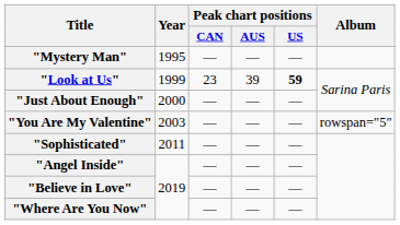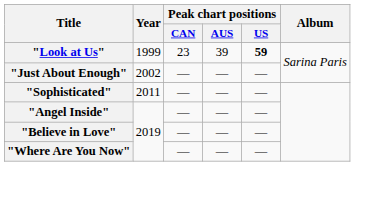 <table class="wikitable plainrowheaders" style="text-align:center;">
 <tr>
 <th scope="col" rowspan="2">Title</th>
 <th scope="col" rowspan="2">Year</th>
 <th scope="col" colspan="3">Peak chart positions</th>
 <th scope="col" rowspan="2">Album</th>
 </tr>
 <tr>
 <th scope="col" style="width:3em;font-size:90%;"><a href='#'>CAN</a><br></th>
 <th scope="col" style="width:3em;font-size:90%;"><a href='#'>AUS</a><br></th>
 <th scope="col" style="width:3em;font-size:90%;"><a href='#'>US</a><br></th>
 </tr>
 <tr>
-<th scope="row">"Mystery Man"</th>
-<td>1995</td>
-<td>—</td>
-<td>—</td>
-<td>—</td>
-<td></td>
-</tr>
-<tr>
 <th scope="row">"<a href='#'>Look at Us</a>"</th>
 <td>1999</td>
 <td>23</td>
 <td>39</td>
 <td><strong>59</strong></td>
 <td rowspan="2"><em>Sarina Paris</em></td>
 </tr>
 <tr>
 <th scope="row">"Just About Enough"</th>
-<td>2000</td>
+<td>2002</td>
 <td>—</td>
 <td>—</td>
 <td>—</td>
-</tr>
-<tr>
-<th scope="row">"You Are My Valentine"</th>
-<td>2003</td>
-<td>—</td>
-<td>—</td>
-<td>—</td>
-<td>rowspan="5" </td>
 </tr>
 <tr>
 <th scope="row">"Sophisticated"</th>
 <td>2011</td>
 <td>—</td>
 <td>—</td>
 <td>—</td>
 </tr>
 <tr>
 <th scope="row">"Angel Inside"</th>
 <td rowspan="3">2019</td>
 <td>—</td>
 <td>—</td>
 <td>—</td>
 </tr>
 <tr>
 <th scope="row">"Believe in Love"</th>
 <td>—</td>
 <td>—</td>
 <td>—</td>
 </tr>
 <tr>
 <th scope="row">"Where Are You Now"</th>
 <td>—</td>
 <td>—</td>
 <td>—</td>
 </tr>
 </table>
